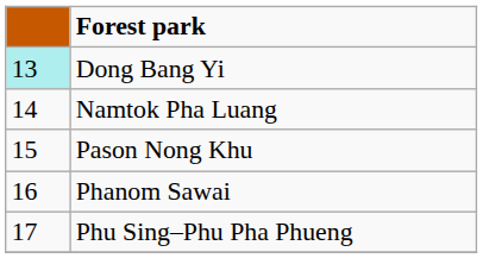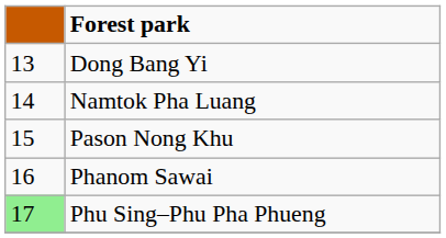 <table class= "wikitable" style= "width:33%; display:inline-table;">
 <tr>
 <td style="width:3%; background:#C65900;"> </td>
 <td style="width:30%;"><strong>Forest park</strong></td>
 </tr>
 <tr>
-<td style="background: paleturquoise;">13</td>
+<td>13</td>
 <td>Dong Bang Yi</td>
 </tr>
 <tr>
 <td>14</td>
 <td>Namtok Pha Luang</td>
 </tr>
 <tr>
 <td>15</td>
 <td>Pason Nong Khu</td>
 </tr>
 <tr>
 <td>16</td>
 <td>Phanom Sawai</td>
 </tr>
 <tr>
-<td>17</td>
+<td style="background: lightgreen;">17</td>
 <td>Phu Sing–Phu Pha Phueng</td>
 </tr>
 <tr>
 </tr>
 </table>
